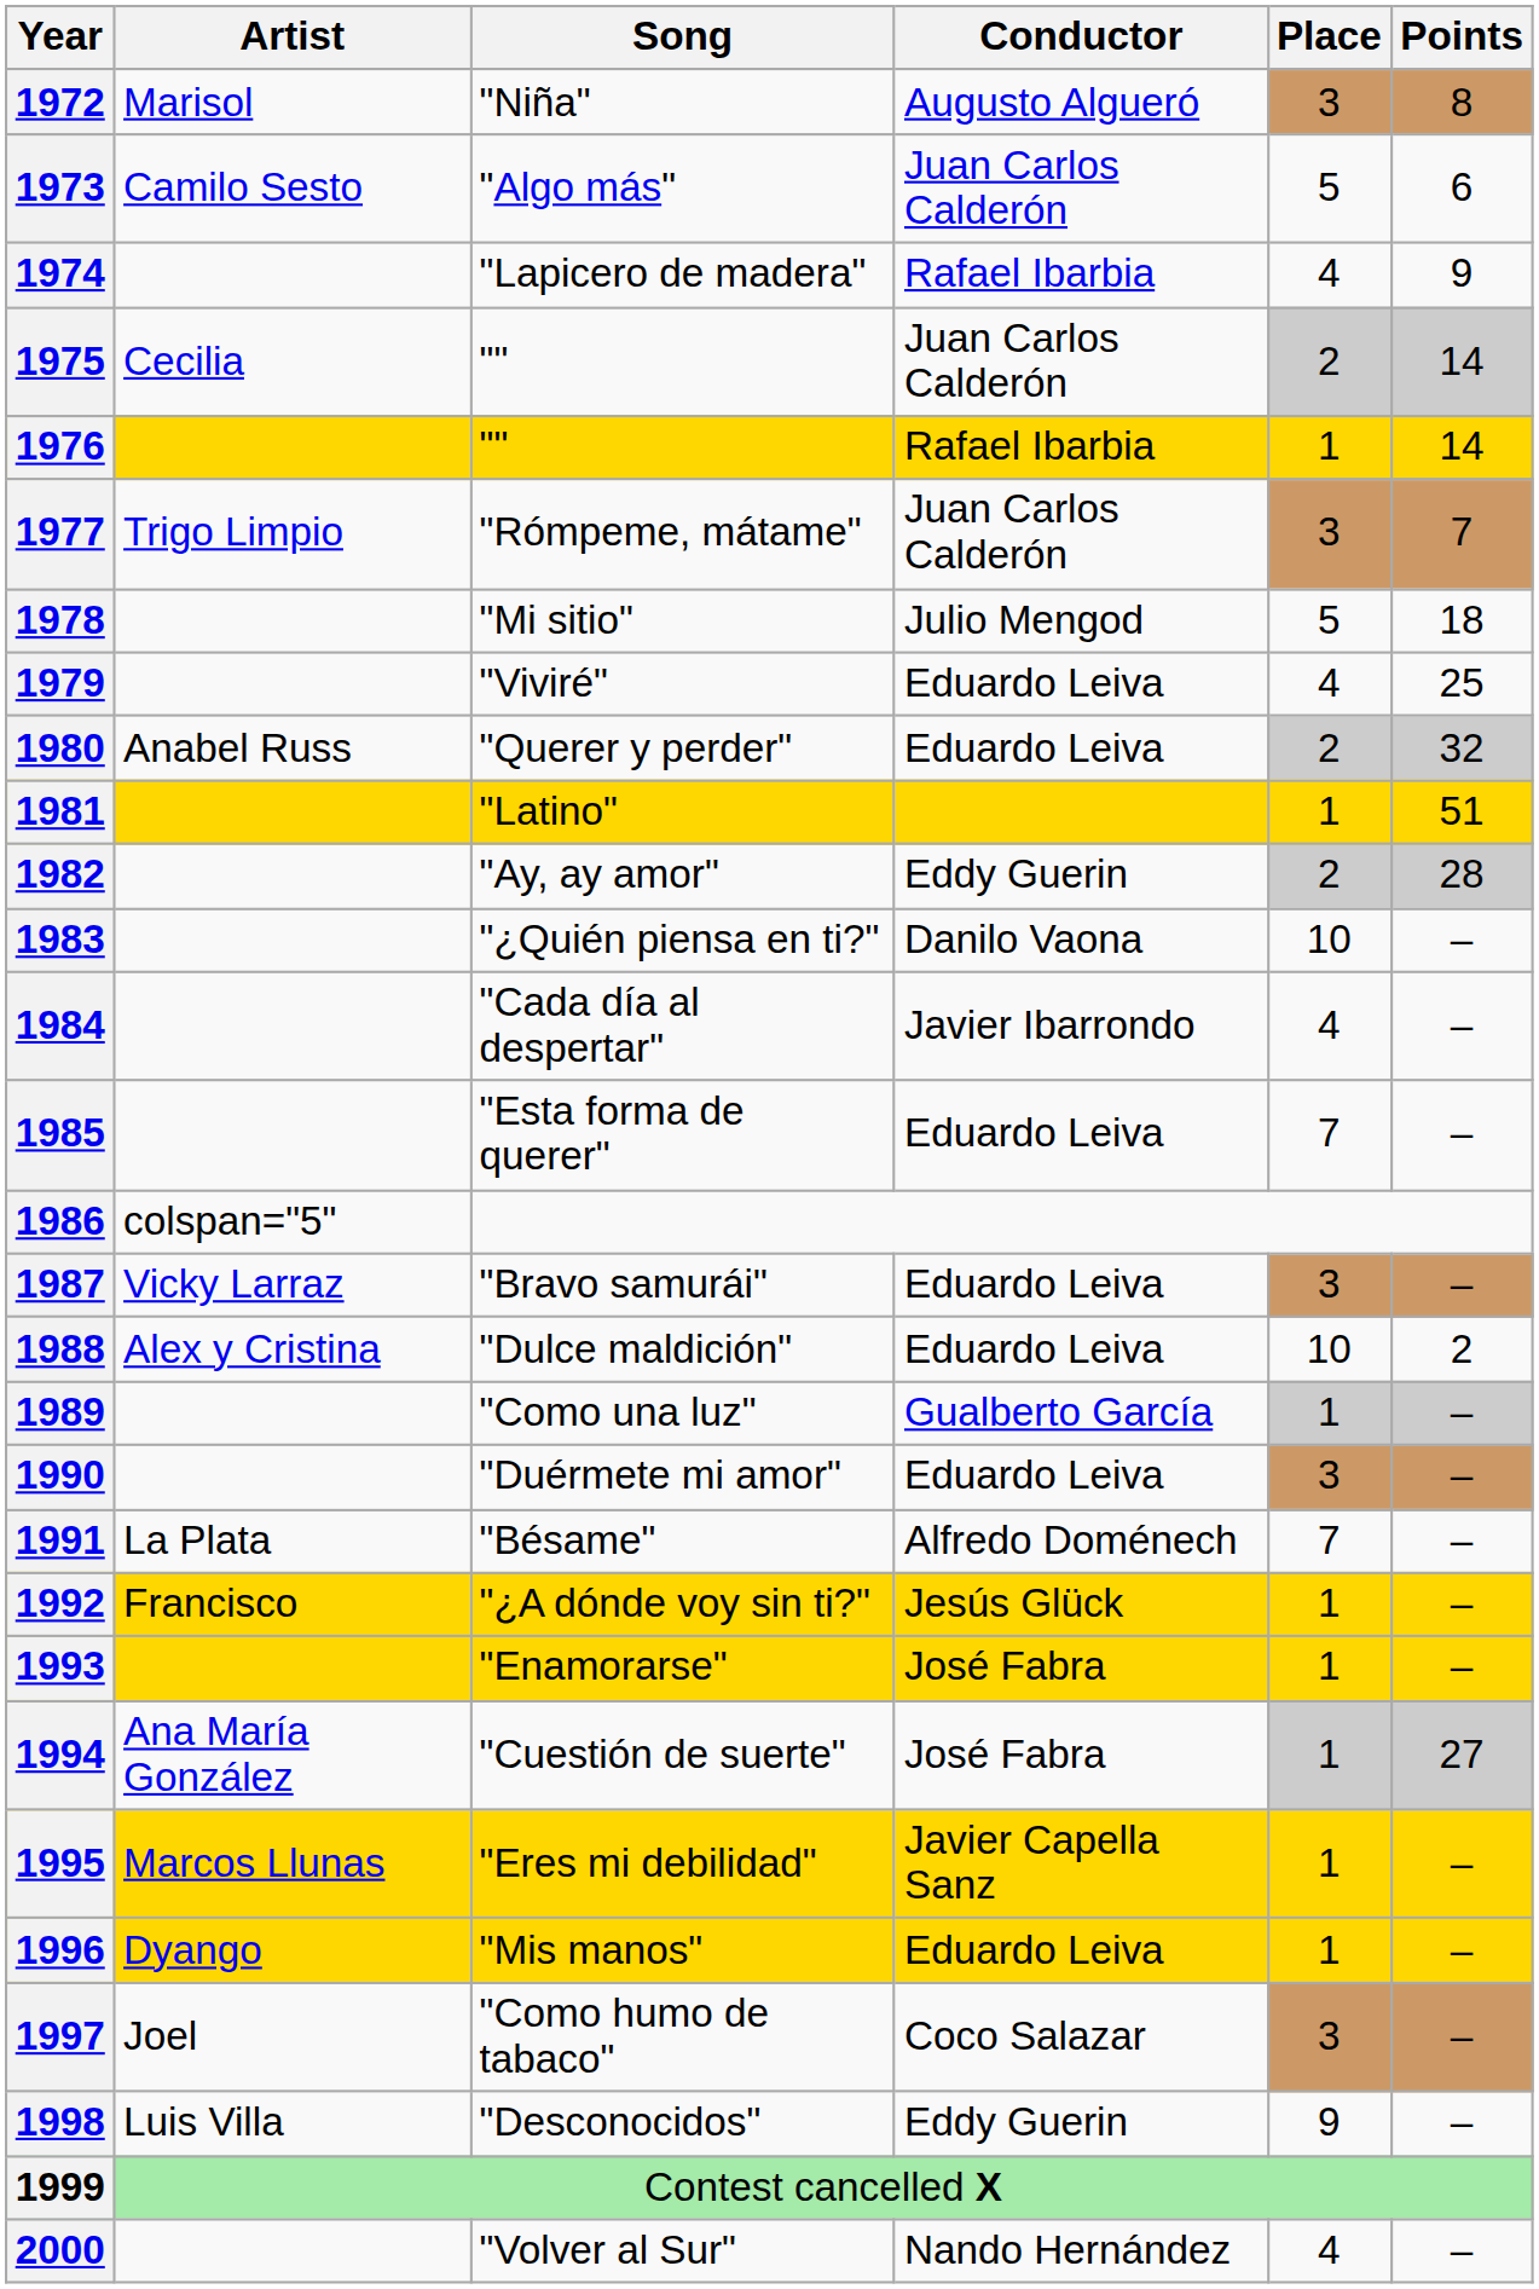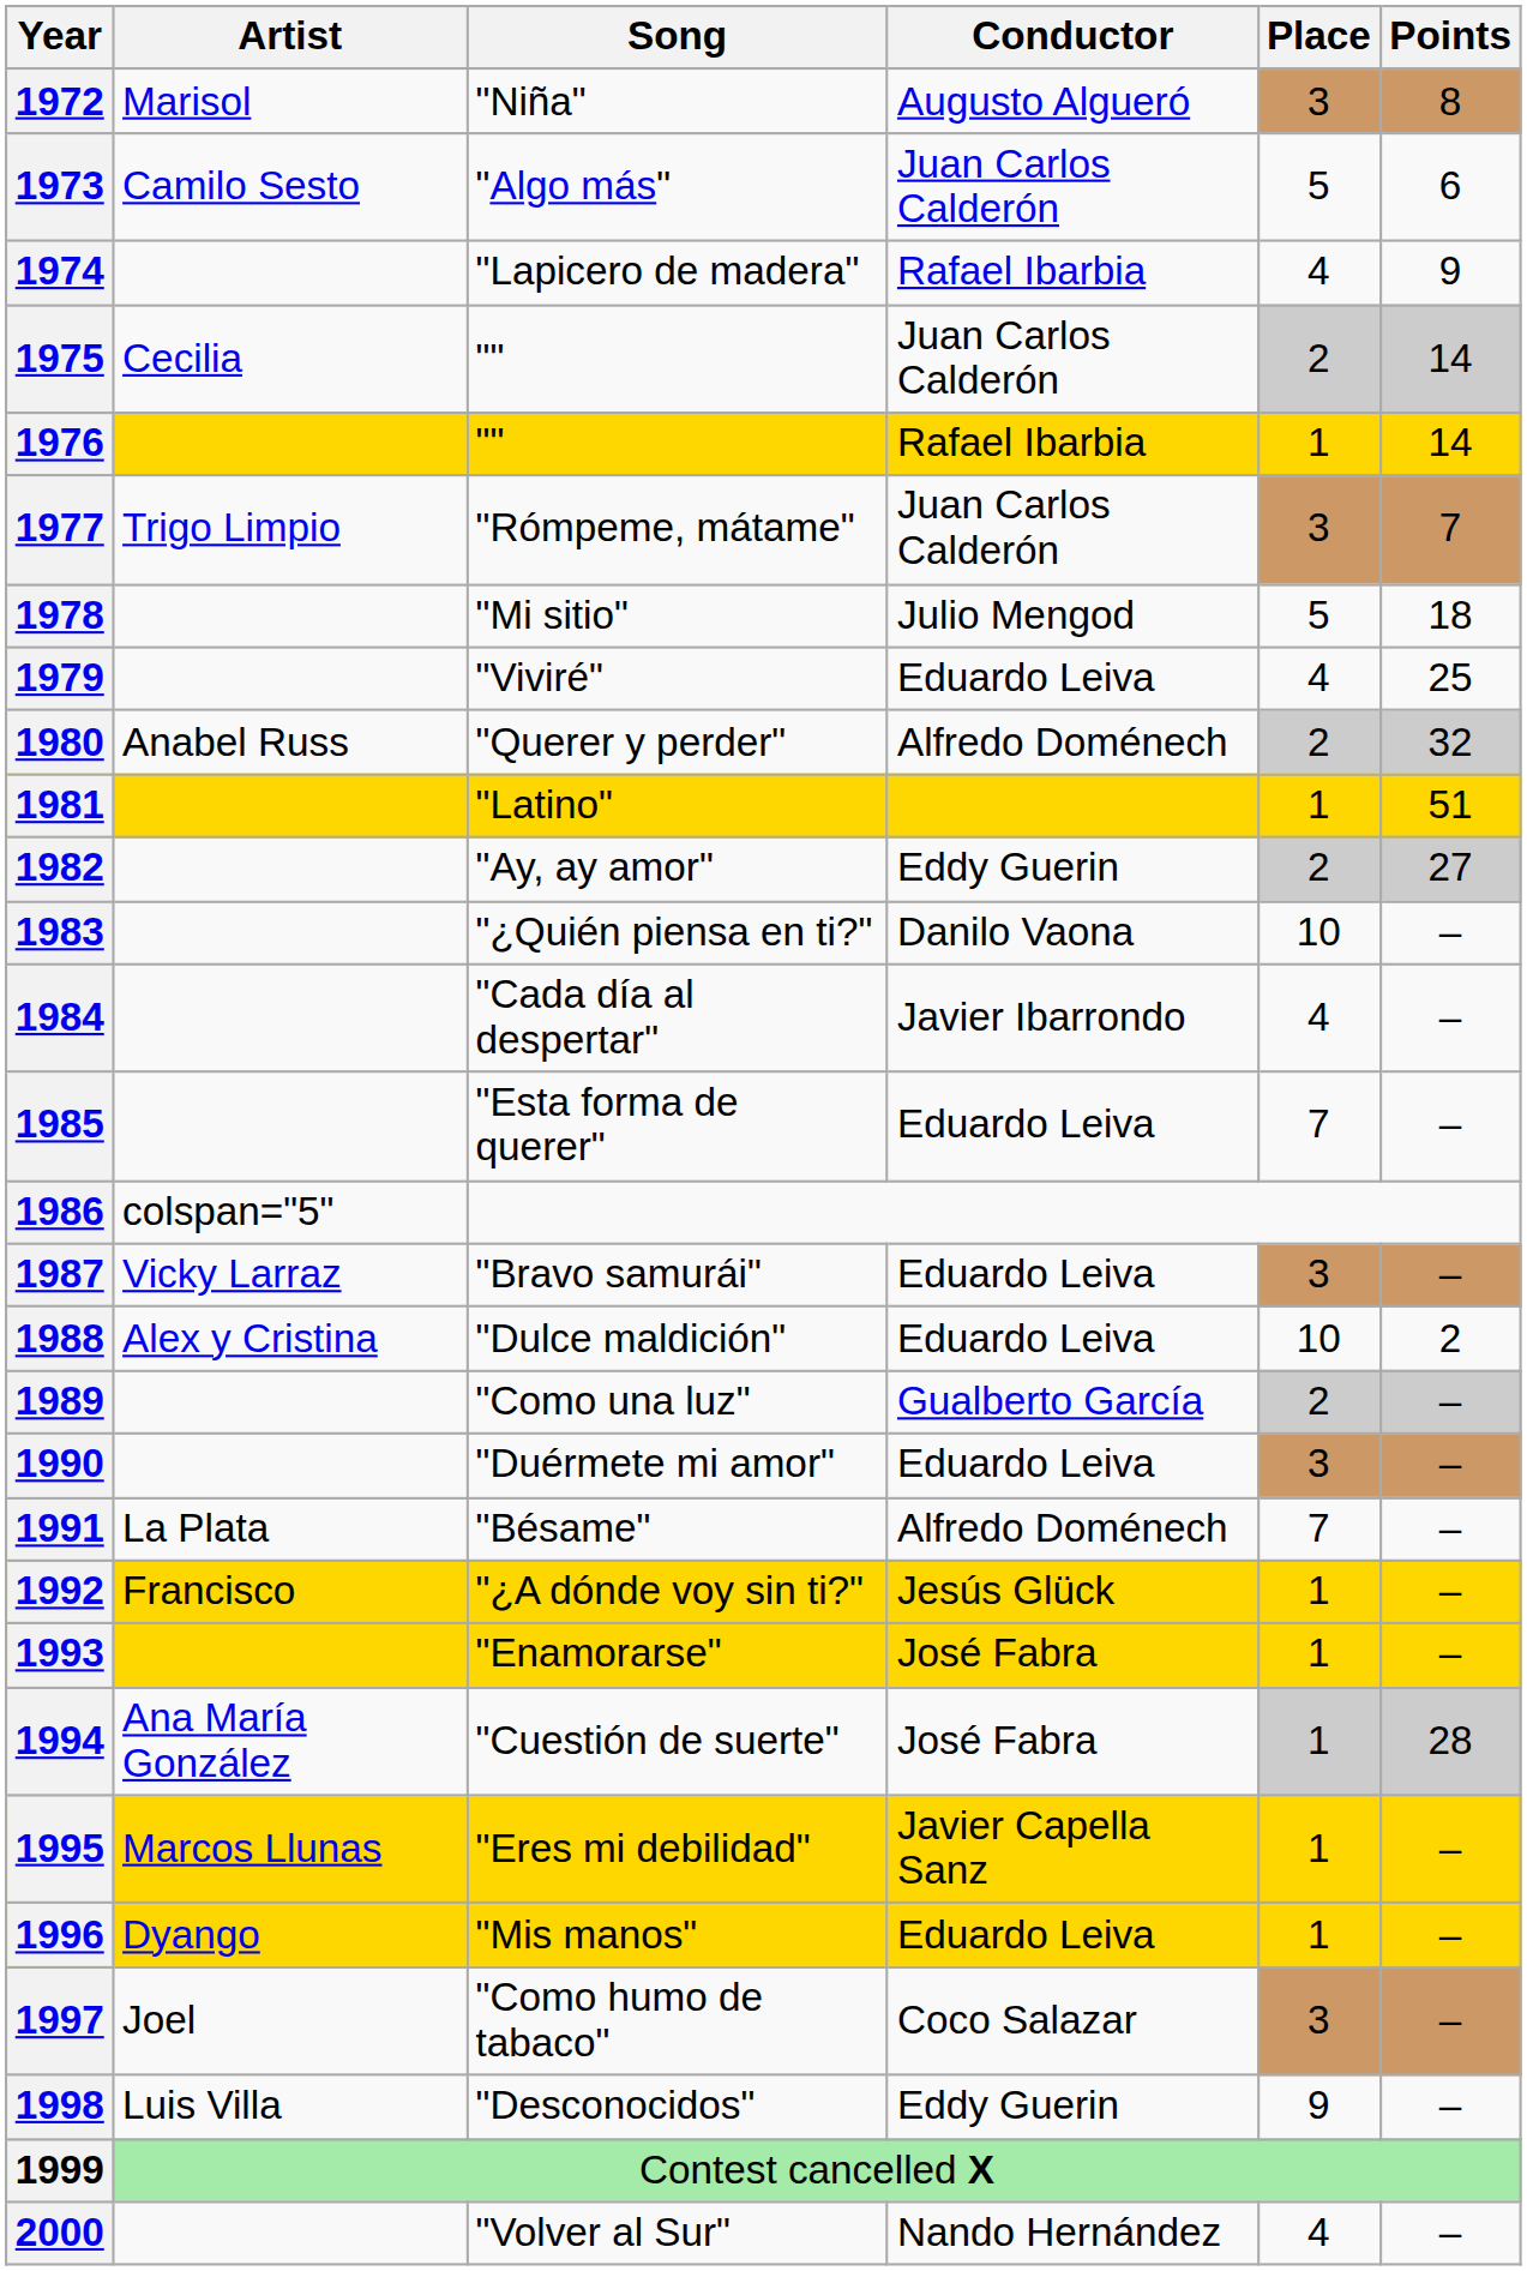 <table class="wikitable sortable plainrowheaders">
 <tr>
 <th scope="col">Year</th>
 <th scope="col">Artist</th>
 <th scope="col">Song</th>
 <th scope="col">Conductor</th>
 <th scope="col" data-sort-type="number">Place</th>
 <th scope="col" data-sort-type="number">Points</th>
 </tr>
 <tr>
 <th scope="row" style="text-align:center;"><a href='#'>1972</a></th>
 <td><a href='#'>Marisol</a></td>
 <td>"Niña"</td>
 <td><a href='#'>Augusto Algueró</a></td>
 <td style="text-align:center; background-color:#cc9966;">3</td>
 <td style="text-align:center; background-color:#cc9966;">8</td>
 </tr>
 <tr>
 <th scope="row" style="text-align:center;"><a href='#'>1973</a></th>
 <td><a href='#'>Camilo Sesto</a></td>
 <td>"<a href='#'>Algo más</a>"</td>
 <td><a href='#'>Juan Carlos Calderón</a></td>
 <td style="text-align:center;">5</td>
 <td style="text-align:center;">6</td>
 </tr>
 <tr>
 <th scope="row" style="text-align:center;"><a href='#'>1974</a></th>
 <td></td>
 <td>"Lapicero de madera"</td>
 <td><a href='#'>Rafael Ibarbia</a></td>
 <td style="text-align:center;">4</td>
 <td style="text-align:center;">9</td>
 </tr>
 <tr>
 <th scope="row" style="text-align:center;"><a href='#'>1975</a></th>
 <td><a href='#'>Cecilia</a></td>
 <td>""</td>
 <td>Juan Carlos Calderón</td>
 <td style="text-align:center; background-color:#CCC;">2</td>
 <td style="text-align:center; background-color:#CCC;">14</td>
 </tr>
 <tr style="background-color:#FFD700;">
 <th scope="row" style="text-align:center;"><a href='#'>1976</a></th>
 <td></td>
 <td>""</td>
 <td>Rafael Ibarbia</td>
 <td style="text-align:center;">1</td>
 <td style="text-align:center;">14</td>
 </tr>
 <tr>
 <th scope="row" style="text-align:center;"><a href='#'>1977</a></th>
 <td><a href='#'>Trigo Limpio</a></td>
 <td>"Rómpeme, mátame"</td>
 <td>Juan Carlos Calderón</td>
 <td style="text-align:center; background-color:#C96;">3</td>
 <td style="text-align:center; background-color:#C96;">7</td>
 </tr>
 <tr>
 <th scope="row" style="text-align:center;"><a href='#'>1978</a></th>
 <td></td>
 <td>"Mi sitio"</td>
 <td>Julio Mengod</td>
 <td style="text-align:center;">5</td>
 <td style="text-align:center;">18</td>
 </tr>
 <tr>
 <th scope="row" style="text-align:center;"><a href='#'>1979</a></th>
 <td></td>
 <td>"Viviré"</td>
 <td>Eduardo Leiva</td>
 <td style="text-align:center;">4</td>
 <td style="text-align:center;">25</td>
 </tr>
 <tr>
 <th scope="row" style="text-align:center;"><a href='#'>1980</a></th>
 <td>Anabel Russ</td>
 <td>"Querer y perder"</td>
-<td>Eduardo Leiva</td>
+<td>Alfredo Doménech</td>
 <td style="text-align:center; background-color:#CCC;">2</td>
 <td style="text-align:center; background-color:#CCC;">32</td>
 </tr>
 <tr style="background-color:#FFD700;">
 <th scope="row" style="text-align:center;"><a href='#'>1981</a></th>
 <td></td>
 <td>"Latino"</td>
 <td></td>
 <td style="text-align:center;">1</td>
 <td style="text-align:center;">51</td>
 </tr>
 <tr>
 <th scope="row" style="text-align:center;"><a href='#'>1982</a></th>
 <td></td>
 <td>"Ay, ay amor"</td>
 <td>Eddy Guerin</td>
 <td style="text-align:center; background-color:#CCC;">2</td>
-<td style="text-align:center; background-color:#CCC;">28</td>
+<td style="text-align:center; background-color:#CCC;">27</td>
 </tr>
 <tr>
 <th scope="row" style="text-align:center;"><a href='#'>1983</a></th>
 <td></td>
 <td>"¿Quién piensa en ti?"</td>
 <td>Danilo Vaona</td>
 <td style="text-align:center;">10</td>
 <td style="text-align:center;">–</td>
 </tr>
 <tr>
 <th scope="row" style="text-align:center;"><a href='#'>1984</a></th>
 <td></td>
 <td>"Cada día al despertar"</td>
 <td>Javier Ibarrondo</td>
 <td style="text-align:center;">4</td>
 <td style="text-align:center;">–</td>
 </tr>
 <tr>
 <th scope="row" style="text-align:center;"><a href='#'>1985</a></th>
 <td></td>
 <td>"Esta forma de querer"</td>
 <td>Eduardo Leiva</td>
 <td style="text-align:center;">7</td>
 <td style="text-align:center;">–</td>
 </tr>
 <tr>
 <th scope="row" style="text-align:center;"><a href='#'>1986</a></th>
 <td>colspan="5" </td>
 </tr>
 <tr>
 <th scope="row" style="text-align:center;"><a href='#'>1987</a></th>
 <td><a href='#'>Vicky Larraz</a></td>
 <td>"Bravo samurái"</td>
 <td>Eduardo Leiva</td>
 <td style="text-align:center; background-color:#C96;">3</td>
 <td style="text-align:center; background-color:#C96;">–</td>
 </tr>
 <tr>
 <th scope="row" style="text-align:center;"><a href='#'>1988</a></th>
 <td><a href='#'>Alex y Cristina</a></td>
 <td>"Dulce maldición"</td>
 <td>Eduardo Leiva</td>
 <td style="text-align:center;">10</td>
 <td style="text-align:center;">2</td>
 </tr>
 <tr>
 <th scope="row" style="text-align:center;"><a href='#'>1989</a></th>
 <td></td>
 <td>"Como una luz"</td>
 <td><a href='#'>Gualberto García</a></td>
-<td style="text-align:center; background-color:#CCC;">1</td>
+<td style="text-align:center; background-color:#CCC;">2</td>
 <td style="text-align:center; background-color:#CCC;">–</td>
 </tr>
 <tr>
 <th scope="row" style="text-align:center;"><a href='#'>1990</a></th>
 <td></td>
 <td>"Duérmete mi amor"</td>
 <td>Eduardo Leiva</td>
 <td style="text-align:center; background-color:#C96;">3</td>
 <td style="text-align:center; background-color:#C96;">–</td>
 </tr>
 <tr>
 <th scope="row" style="text-align:center;"><a href='#'>1991</a></th>
 <td>La Plata</td>
 <td>"Bésame"</td>
 <td>Alfredo Doménech</td>
 <td style="text-align:center;">7</td>
 <td style="text-align:center;">–</td>
 </tr>
 <tr style="background-color:#FFD700;">
 <th scope="row" style="text-align:center;"><a href='#'>1992</a></th>
 <td>Francisco</td>
 <td>"¿A dónde voy sin ti?"</td>
 <td>Jesús Glück</td>
 <td style="text-align:center;">1</td>
 <td style="text-align:center;">–</td>
 </tr>
 <tr style="background-color:#FFD700;">
 <th scope="row" style="text-align:center;"><a href='#'>1993</a></th>
 <td></td>
 <td>"Enamorarse"</td>
 <td>José Fabra</td>
 <td style="text-align:center;">1</td>
 <td style="text-align:center;">–</td>
 </tr>
 <tr>
 <th scope="row" style="text-align:center;"><a href='#'>1994</a></th>
 <td><a href='#'>Ana María González</a></td>
 <td>"Cuestión de suerte"</td>
 <td>José Fabra</td>
 <td style="text-align:center; background-color:#CCC;">1</td>
-<td style="text-align:center; background-color:#CCC;">27</td>
+<td style="text-align:center; background-color:#CCC;">28</td>
 </tr>
 <tr style="background-color:#FFD700;">
 <th scope="row" style="text-align:center;"><a href='#'>1995</a></th>
 <td><a href='#'>Marcos Llunas</a></td>
 <td>"Eres mi debilidad"</td>
 <td>Javier Capella Sanz</td>
 <td style="text-align:center;">1</td>
 <td style="text-align:center;">–</td>
 </tr>
 <tr style="background-color:#FFD700;">
 <th scope="row" style="text-align:center;"><a href='#'>1996</a></th>
 <td><a href='#'>Dyango</a></td>
 <td>"Mis manos"</td>
 <td>Eduardo Leiva</td>
 <td style="text-align:center;">1</td>
 <td style="text-align:center;">–</td>
 </tr>
 <tr>
 <th scope="row" style="text-align:center;"><a href='#'>1997</a></th>
 <td>Joel</td>
 <td>"Como humo de tabaco"</td>
 <td>Coco Salazar</td>
 <td style="text-align:center; background-color:#C96;">3</td>
 <td style="text-align:center; background-color:#C96;">–</td>
 </tr>
 <tr>
 <th scope="row" style="text-align:center;"><a href='#'>1998</a></th>
 <td>Luis Villa</td>
 <td>"Desconocidos"</td>
 <td>Eddy Guerin</td>
 <td style="text-align:center;">9</td>
 <td style="text-align:center;">–</td>
 </tr>
 <tr style="background-color:#A4EAA9;">
 <th scope="row" style="text-align:center;">1999</th>
 <td colspan="5" style="text-align:center;">Contest cancelled <strong>X</strong></td>
 </tr>
 <tr>
 <th scope="row" style="text-align:center;"><a href='#'>2000</a></th>
 <td></td>
 <td>"Volver al Sur"</td>
 <td>Nando Hernández</td>
 <td style="text-align:center;">4</td>
 <td style="text-align:center;">–</td>
 </tr>
 </table>
